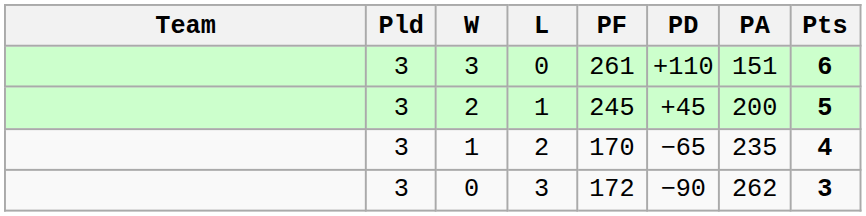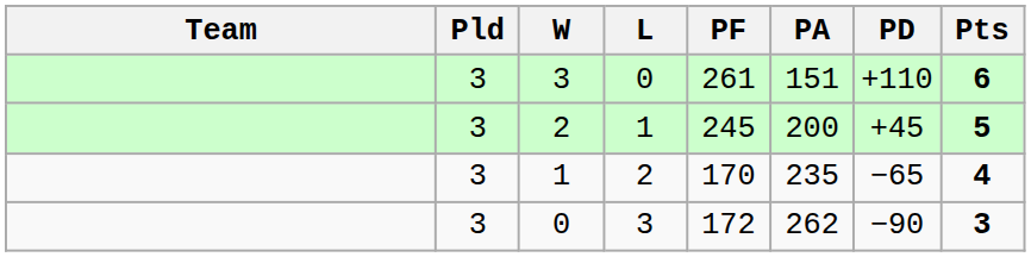 <table class=wikitable style="text-align:center">
 <tr>
 <th width=180>Team</th>
 <th width=30>Pld</th>
 <th width=30>W</th>
 <th width=30>L</th>
 <th width=30>PF</th>
+<th width=30>PA</th>
 <th width=30>PD</th>
-<th width=30>PA</th>
 <th width=30>Pts</th>
 </tr>
 <tr align=center bgcolor="#ccffcc">
 <td align=left></td>
 <td>3</td>
 <td>3</td>
 <td>0</td>
 <td>261</td>
+<td>151</td>
 <td>+110</td>
-<td>151</td>
 <td><strong>6</strong></td>
 </tr>
 <tr align=center bgcolor="#ccffcc">
 <td align=left></td>
 <td>3</td>
 <td>2</td>
 <td>1</td>
 <td>245</td>
+<td>200</td>
 <td>+45</td>
-<td>200</td>
 <td><strong>5</strong></td>
 </tr>
 <tr align=center>
 <td align=left></td>
 <td>3</td>
 <td>1</td>
 <td>2</td>
 <td>170</td>
+<td>235</td>
 <td>−65</td>
-<td>235</td>
 <td><strong>4</strong></td>
 </tr>
 <tr align=center>
 <td align=left></td>
 <td>3</td>
 <td>0</td>
 <td>3</td>
 <td>172</td>
+<td>262</td>
 <td>−90</td>
-<td>262</td>
 <td><strong>3</strong></td>
 </tr>
 </table>
